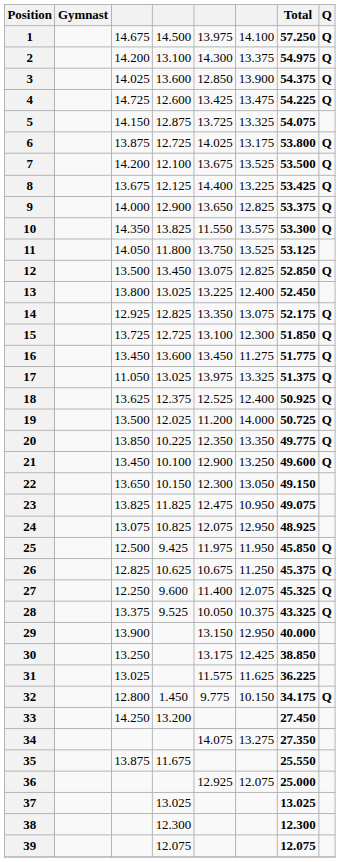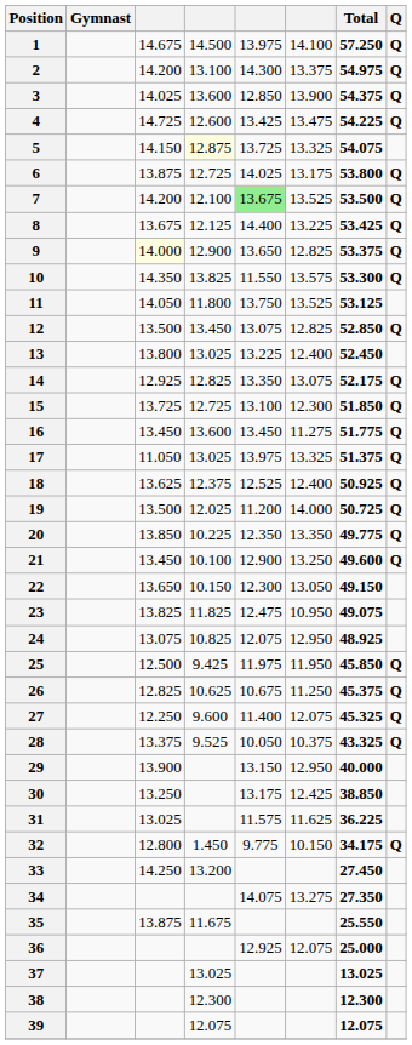 <table class="wikitable sortable" style="text-align:center; font-size:95%">
 <tr>
 <th>Position</th>
 <th>Gymnast</th>
 <th></th>
 <th></th>
 <th></th>
 <th></th>
 <th>Total</th>
 <th>Q</th>
 </tr>
 <tr>
 <th><strong>1</strong></th>
 <td align=left></td>
 <td>14.675</td>
 <td>14.500</td>
 <td>13.975</td>
 <td>14.100</td>
 <td><strong>57.250</strong></td>
 <td><strong>Q</strong></td>
 </tr>
 <tr>
 <th><strong>2</strong></th>
 <td align=left></td>
 <td>14.200</td>
 <td>13.100</td>
 <td>14.300</td>
 <td>13.375</td>
 <td><strong>54.975</strong></td>
 <td><strong>Q</strong></td>
 </tr>
 <tr>
 <th><strong>3</strong></th>
 <td align=left></td>
 <td>14.025</td>
 <td>13.600</td>
 <td>12.850</td>
 <td>13.900</td>
 <td><strong>54.375</strong></td>
 <td><strong>Q</strong></td>
 </tr>
 <tr>
 <th><strong>4</strong></th>
 <td align=left></td>
 <td>14.725</td>
 <td>12.600</td>
 <td>13.425</td>
 <td>13.475</td>
 <td><strong>54.225</strong></td>
 <td><strong>Q</strong></td>
 </tr>
 <tr>
 <th><strong>5</strong></th>
 <td align=left></td>
 <td>14.150</td>
-<td>12.875</td>
+<td style="background: lightyellow;">12.875</td>
 <td>13.725</td>
 <td>13.325</td>
 <td><strong>54.075</strong></td>
 <td></td>
 </tr>
 <tr>
 <th><strong>6</strong></th>
 <td align=left></td>
 <td>13.875</td>
 <td>12.725</td>
 <td>14.025</td>
 <td>13.175</td>
 <td><strong>53.800</strong></td>
 <td><strong>Q</strong></td>
 </tr>
 <tr>
 <th><strong>7</strong></th>
 <td align=left></td>
 <td>14.200</td>
 <td>12.100</td>
-<td>13.675</td>
+<td style="background: lightgreen;">13.675</td>
 <td>13.525</td>
 <td><strong>53.500</strong></td>
 <td><strong>Q</strong></td>
 </tr>
 <tr>
 <th><strong>8</strong></th>
 <td align=left></td>
 <td>13.675</td>
 <td>12.125</td>
 <td>14.400</td>
 <td>13.225</td>
 <td><strong>53.425</strong></td>
 <td><strong>Q</strong></td>
 </tr>
 <tr>
 <th><strong>9</strong></th>
 <td align=left></td>
-<td>14.000</td>
+<td style="background: lightyellow;">14.000</td>
 <td>12.900</td>
 <td>13.650</td>
 <td>12.825</td>
 <td><strong>53.375</strong></td>
 <td><strong>Q</strong></td>
 </tr>
 <tr>
 <th><strong>10</strong></th>
 <td align=left></td>
 <td>14.350</td>
 <td>13.825</td>
 <td>11.550</td>
 <td>13.575</td>
 <td><strong>53.300</strong></td>
 <td><strong>Q</strong></td>
 </tr>
 <tr>
 <th><strong>11</strong></th>
 <td align=left></td>
 <td>14.050</td>
 <td>11.800</td>
 <td>13.750</td>
 <td>13.525</td>
 <td><strong>53.125</strong></td>
 <td></td>
 </tr>
 <tr>
 <th><strong>12</strong></th>
 <td align=left></td>
 <td>13.500</td>
 <td>13.450</td>
 <td>13.075</td>
 <td>12.825</td>
 <td><strong>52.850</strong></td>
 <td><strong>Q</strong></td>
 </tr>
 <tr>
 <th><strong>13</strong></th>
 <td align=left></td>
 <td>13.800</td>
 <td>13.025</td>
 <td>13.225</td>
 <td>12.400</td>
 <td><strong>52.450</strong></td>
 <td></td>
 </tr>
 <tr>
 <th><strong>14</strong></th>
 <td align=left></td>
 <td>12.925</td>
 <td>12.825</td>
 <td>13.350</td>
 <td>13.075</td>
 <td><strong>52.175</strong></td>
 <td><strong>Q</strong></td>
 </tr>
 <tr>
 <th><strong>15</strong></th>
 <td align=left></td>
 <td>13.725</td>
 <td>12.725</td>
 <td>13.100</td>
 <td>12.300</td>
 <td><strong>51.850</strong></td>
 <td><strong>Q</strong></td>
 </tr>
 <tr>
 <th><strong>16</strong></th>
 <td align=left></td>
 <td>13.450</td>
 <td>13.600</td>
 <td>13.450</td>
 <td>11.275</td>
 <td><strong>51.775</strong></td>
 <td><strong>Q</strong></td>
 </tr>
 <tr>
 <th><strong>17</strong></th>
 <td align=left></td>
 <td>11.050</td>
 <td>13.025</td>
 <td>13.975</td>
 <td>13.325</td>
 <td><strong>51.375</strong></td>
 <td><strong>Q</strong></td>
 </tr>
 <tr>
 <th><strong>18</strong></th>
 <td align=left></td>
 <td>13.625</td>
 <td>12.375</td>
 <td>12.525</td>
 <td>12.400</td>
 <td><strong>50.925</strong></td>
 <td><strong>Q</strong></td>
 </tr>
 <tr>
 <th><strong>19</strong></th>
 <td align=left></td>
 <td>13.500</td>
 <td>12.025</td>
 <td>11.200</td>
 <td>14.000</td>
 <td><strong>50.725</strong></td>
 <td><strong>Q</strong></td>
 </tr>
 <tr>
 <th><strong>20</strong></th>
 <td align=left></td>
 <td>13.850</td>
 <td>10.225</td>
 <td>12.350</td>
 <td>13.350</td>
 <td><strong>49.775</strong></td>
 <td><strong>Q</strong></td>
 </tr>
 <tr>
 <th><strong>21</strong></th>
 <td align=left></td>
 <td>13.450</td>
 <td>10.100</td>
 <td>12.900</td>
 <td>13.250</td>
 <td><strong>49.600</strong></td>
 <td><strong>Q</strong></td>
 </tr>
 <tr>
 <th><strong>22</strong></th>
 <td align=left></td>
 <td>13.650</td>
 <td>10.150</td>
 <td>12.300</td>
 <td>13.050</td>
 <td><strong>49.150</strong></td>
 <td></td>
 </tr>
 <tr>
 <th><strong>23</strong></th>
 <td align=left></td>
 <td>13.825</td>
 <td>11.825</td>
 <td>12.475</td>
 <td>10.950</td>
 <td><strong>49.075</strong></td>
 <td></td>
 </tr>
 <tr>
 <th><strong>24</strong></th>
 <td align=left></td>
 <td>13.075</td>
 <td>10.825</td>
 <td>12.075</td>
 <td>12.950</td>
 <td><strong>48.925</strong></td>
 <td></td>
 </tr>
 <tr>
 <th><strong>25</strong></th>
 <td align=left></td>
 <td>12.500</td>
 <td>9.425</td>
 <td>11.975</td>
 <td>11.950</td>
 <td><strong>45.850</strong></td>
 <td><strong>Q</strong></td>
 </tr>
 <tr>
 <th><strong>26</strong></th>
 <td align=left></td>
 <td>12.825</td>
 <td>10.625</td>
 <td>10.675</td>
 <td>11.250</td>
 <td><strong>45.375</strong></td>
 <td><strong>Q</strong></td>
 </tr>
 <tr>
 <th><strong>27</strong></th>
 <td align=left></td>
 <td>12.250</td>
 <td>9.600</td>
 <td>11.400</td>
 <td>12.075</td>
 <td><strong>45.325</strong></td>
 <td><strong>Q</strong></td>
 </tr>
 <tr>
 <th><strong>28</strong></th>
 <td align=left></td>
 <td>13.375</td>
 <td>9.525</td>
 <td>10.050</td>
 <td>10.375</td>
 <td><strong>43.325</strong></td>
 <td><strong>Q</strong></td>
 </tr>
 <tr>
 <th><strong>29</strong></th>
 <td align=left></td>
 <td>13.900</td>
 <td></td>
 <td>13.150</td>
 <td>12.950</td>
 <td><strong>40.000</strong></td>
 <td></td>
 </tr>
 <tr>
 <th><strong>30</strong></th>
 <td align=left></td>
 <td>13.250</td>
 <td></td>
 <td>13.175</td>
 <td>12.425</td>
 <td><strong>38.850</strong></td>
 <td></td>
 </tr>
 <tr>
 <th><strong>31</strong></th>
 <td align=left></td>
 <td>13.025</td>
 <td></td>
 <td>11.575</td>
 <td>11.625</td>
 <td><strong>36.225</strong></td>
 <td></td>
 </tr>
 <tr>
 <th><strong>32</strong></th>
 <td align=left></td>
 <td>12.800</td>
 <td>1.450</td>
 <td>9.775</td>
 <td>10.150</td>
 <td><strong>34.175</strong></td>
 <td><strong>Q</strong></td>
 </tr>
 <tr>
 <th><strong>33</strong></th>
 <td align=left></td>
 <td>14.250</td>
 <td>13.200</td>
 <td></td>
 <td></td>
 <td><strong>27.450</strong></td>
 <td></td>
 </tr>
 <tr>
 <th><strong>34</strong></th>
 <td align=left></td>
 <td></td>
 <td></td>
 <td>14.075</td>
 <td>13.275</td>
 <td><strong>27.350</strong></td>
 <td></td>
 </tr>
 <tr>
 <th><strong>35</strong></th>
 <td align=left></td>
 <td>13.875</td>
 <td>11.675</td>
 <td></td>
 <td></td>
 <td><strong>25.550</strong></td>
 <td></td>
 </tr>
 <tr>
 <th><strong>36</strong></th>
 <td align=left></td>
 <td></td>
 <td></td>
 <td>12.925</td>
 <td>12.075</td>
 <td><strong>25.000</strong></td>
 <td></td>
 </tr>
 <tr>
 <th><strong>37</strong></th>
 <td align=left></td>
 <td></td>
 <td>13.025</td>
 <td></td>
 <td></td>
 <td><strong>13.025</strong></td>
 <td></td>
 </tr>
 <tr>
 <th><strong>38</strong></th>
 <td align=left></td>
 <td></td>
 <td>12.300</td>
 <td></td>
 <td></td>
 <td><strong>12.300</strong></td>
 <td></td>
 </tr>
 <tr>
 <th><strong>39</strong></th>
 <td align=left></td>
 <td></td>
 <td>12.075</td>
 <td></td>
 <td></td>
 <td><strong>12.075</strong></td>
 <td></td>
 </tr>
 <tr>
 </tr>
 </table>
